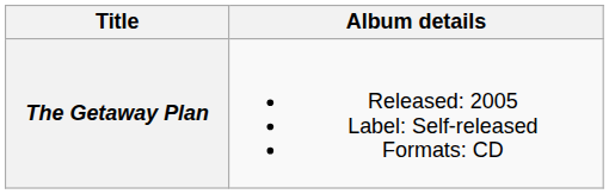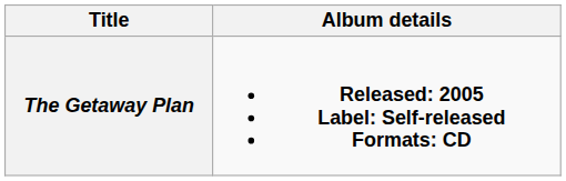 <table class="wikitable plainrowheaders" style="text-align:center;">
 <tr>
 <th scope="col" style="width:10em;">Title</th>
 <th scope="col" style="width:17em;">Album details</th>
 </tr>
 <tr>
 <th scope="row"><em>The Getaway Plan</em></th>
-<td><br><ul><li>Released: 2005</li><li>Label: Self-released</li><li>Formats: CD</li></ul></td>
+<td><strong><br><ul><li>Released: 2005</li><li>Label: Self-released</li><li>Formats: CD</li></ul></strong></td>
 </tr>
 </table>
